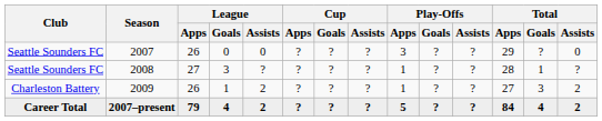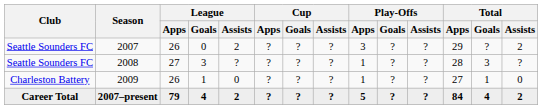 <table class="wikitable" style="text-align: center;">
 <tr>
 <th rowspan="2">Club</th>
 <th rowspan="2">Season</th>
 <th colspan="3">League</th>
 <th colspan="3">Cup</th>
 <th colspan="3">Play-Offs</th>
 <th colspan="3">Total</th>
 </tr>
 <tr>
 <th>Apps</th>
 <th>Goals</th>
 <th>Assists</th>
 <th>Apps</th>
 <th>Goals</th>
 <th>Assists</th>
 <th>Apps</th>
 <th>Goals</th>
 <th>Assists</th>
 <th>Apps</th>
 <th>Goals</th>
 <th>Assists</th>
 </tr>
 <tr>
 <td rowspan="1" valign="top"><a href='#'>Seattle Sounders FC</a></td>
 <td>2007</td>
 <td>26</td>
 <td>0</td>
-<td>0</td>
+<td>2</td>
 <td>?</td>
 <td>?</td>
 <td>?</td>
 <td>3</td>
 <td>?</td>
 <td>?</td>
 <td>29</td>
 <td>?</td>
-<td>0</td>
+<td>2</td>
 </tr>
 <tr>
 <td><a href='#'>Seattle Sounders FC</a></td>
 <td>2008</td>
 <td>27</td>
 <td>3</td>
 <td>?</td>
 <td>?</td>
 <td>?</td>
 <td>?</td>
 <td>1</td>
 <td>?</td>
 <td>?</td>
 <td>28</td>
-<td>1</td>
+<td>3</td>
 <td>?</td>
 </tr>
 <tr>
 <td><a href='#'>Charleston Battery</a></td>
 <td>2009</td>
 <td>26</td>
 <td>1</td>
-<td>2</td>
+<td>0</td>
 <td>?</td>
 <td>?</td>
 <td>?</td>
 <td>1</td>
 <td>?</td>
 <td>?</td>
 <td>27</td>
-<td>3</td>
-<td>2</td>
+<td>1</td>
+<td>0</td>
 </tr>
 <tr style="font-weight:bold; background-color:#eeeeee;">
 <td><strong>Career Total</strong></td>
 <td>2007–present</td>
 <td>79</td>
 <td>4</td>
 <td>2</td>
 <td>?</td>
 <td>?</td>
 <td>?</td>
 <td>5</td>
 <td>?</td>
 <td>?</td>
 <td>84</td>
 <td>4</td>
 <td>2</td>
 </tr>
 </table>
